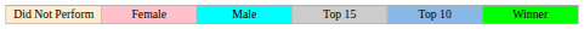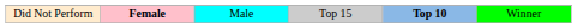 <table class="wikitable" style="margin:1em auto; text-align:center;">
 <tr>
 </tr>
 <tr>
 <td style="background:#FFEBCD;" width="15%">Did Not Perform</td>
-<td style="background:pink;" width="15%">Female</td>
+<td style="background:pink;" width="15%"><strong>Female</strong></td>
 <td style="background:cyan;" width="15%">Male</td>
 <td style="background:#CCCCCC;" width="15%">Top 15</td>
-<td style="background:#8AB8E6;" width="15%">Top 10</td>
+<td style="background:#8AB8E6;" width="15%"><strong>Top 10</strong></td>
 <td style="background:lime;" width="15%">Winner</td>
 </tr>
 </table>
